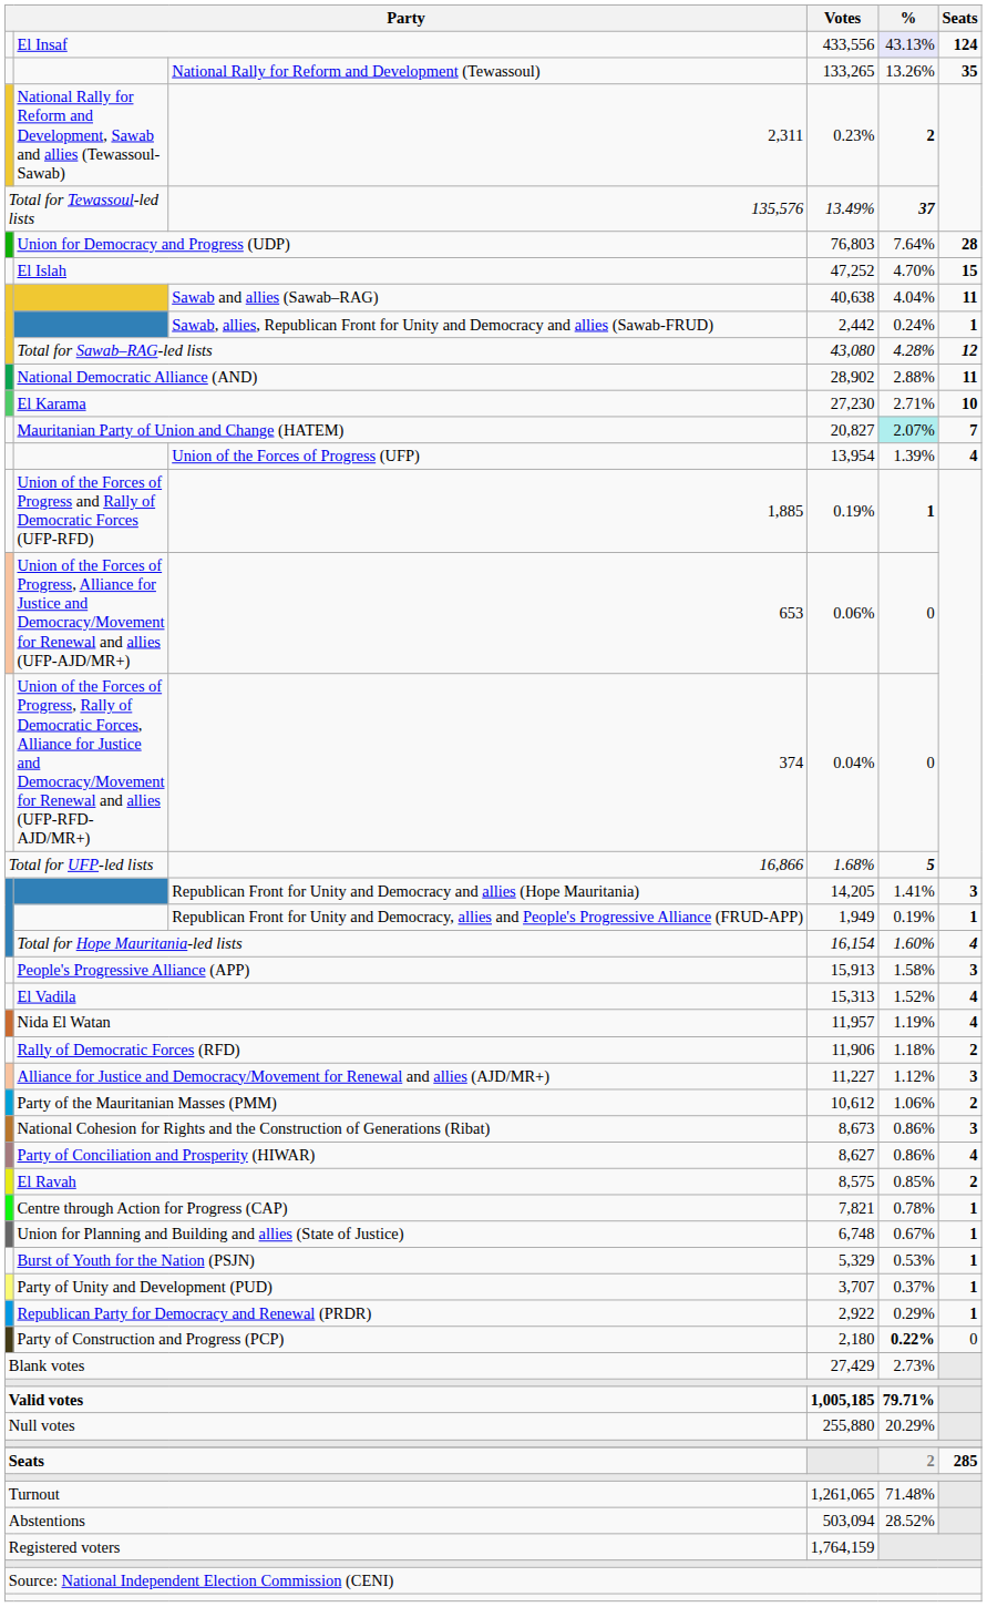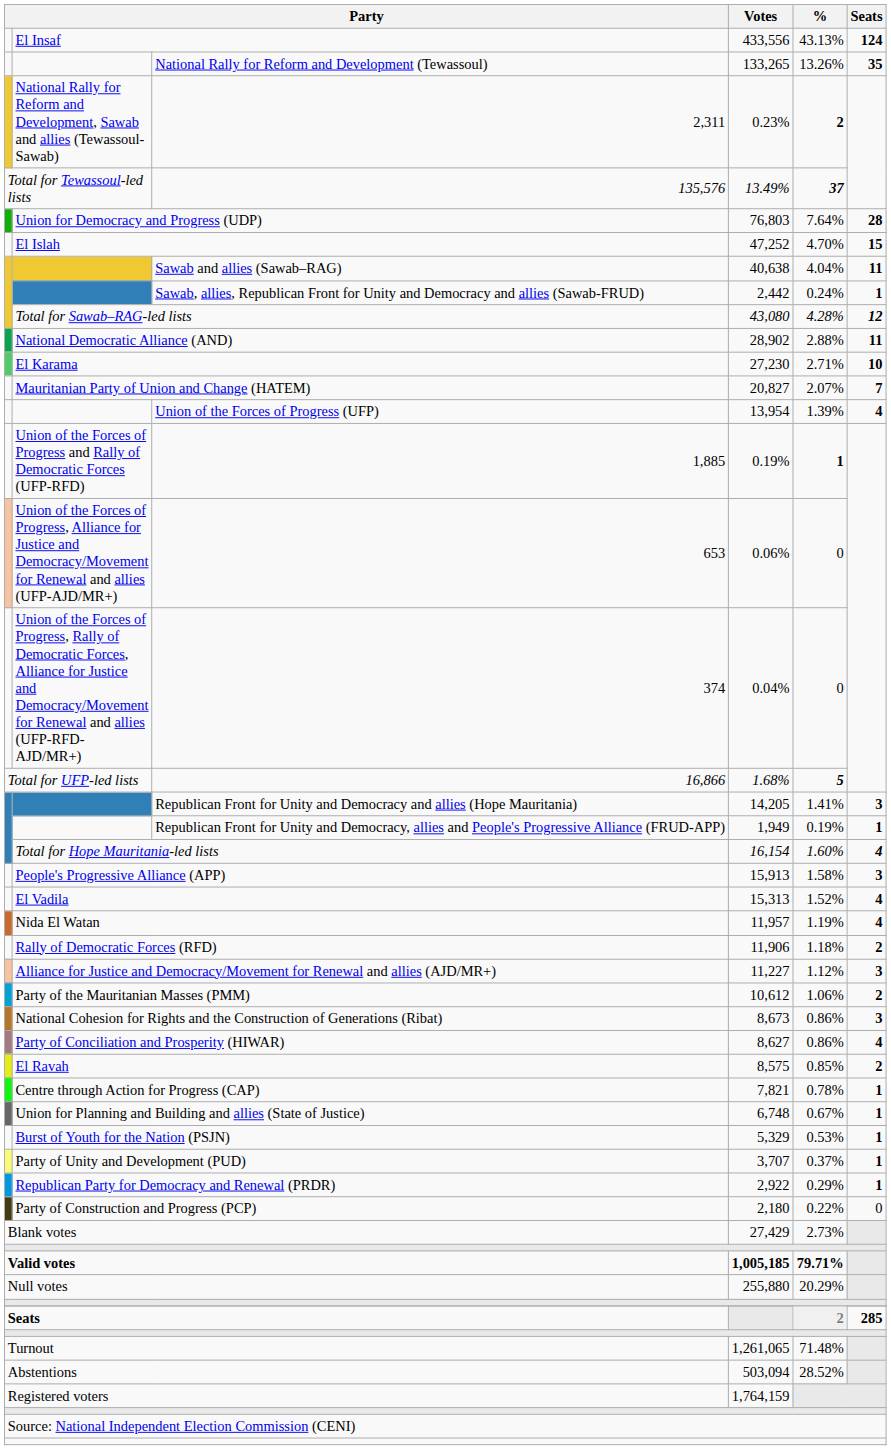 <table class="wikitable" style="text-align:right;font-size:95%;">
 <tr>
 <th width="700" colspan="3">Party</th>
 <th width="50">Votes</th>
 <th width="50">%</th>
 <th width="25">Seats</th>
 </tr>
 <tr>
 <td width="1" style="color:inherit;background:"></td>
 <td style="text-align:left;" colspan="2"><a href='#'>El Insaf</a></td>
 <td>433,556</td>
-<td style="background: lavender;">43.13%</td>
+<td>43.13%</td>
 <td><strong>124</strong></td>
 </tr>
 <tr>
 <td width="1" style="color:inherit;background:"></td>
 <td width="1" style="color:inherit;background:"></td>
 <td style="text-align:left;"><a href='#'>National Rally for Reform and Development</a> (Tewassoul)</td>
 <td>133,265</td>
 <td>13.26%</td>
 <td><strong>35</strong></td>
 </tr>
 <tr>
 <td width="1" style="color:inherit;background:#F0C832;"></td>
 <td style="text-align:left;"><a href='#'>National Rally for Reform and Development</a>, <a href='#'>Sawab</a> and <a href='#'>allies</a> (Tewassoul-Sawab)</td>
 <td>2,311</td>
 <td>0.23%</td>
 <td><strong>2</strong></td>
 </tr>
 <tr>
 <td style="text-align:left;" colspan="2"><em>Total for <a href='#'>Tewassoul</a>-led lists</em></td>
 <td><em>135,576</em></td>
 <td><em>13.49%</em></td>
 <td><strong><em>37</em></strong></td>
 </tr>
 <tr>
 <td width="1" style="color:inherit;background:#0FAF05;"></td>
 <td style="text-align:left;" colspan="2"><a href='#'>Union for Democracy and Progress</a> (UDP)</td>
 <td>76,803</td>
 <td>7.64%</td>
 <td><strong>28</strong></td>
 </tr>
 <tr>
 <td width="1" style="color:inherit;background:"></td>
 <td style="text-align:left;" colspan="2"><a href='#'>El Islah</a></td>
 <td>47,252</td>
 <td>4.70%</td>
 <td><strong>15</strong></td>
 </tr>
 <tr>
 <td width="1" style="color:inherit;background:#F0C832;" rowspan="3"></td>
 <td width="1" style="color:inherit;background:#F0C832;"></td>
 <td style="text-align:left;"><a href='#'>Sawab</a> and <a href='#'>allies</a> (Sawab–RAG)</td>
 <td>40,638</td>
 <td>4.04%</td>
 <td><strong>11</strong></td>
 </tr>
 <tr>
 <td width="1" style="color:inherit;background:#3080B7;"></td>
 <td style="text-align:left;"><a href='#'>Sawab</a>, <a href='#'>allies</a>, Republican Front for Unity and Democracy and <a href='#'>allies</a> (Sawab-FRUD)</td>
 <td>2,442</td>
 <td>0.24%</td>
 <td><strong>1</strong></td>
 </tr>
 <tr>
 <td style="text-align:left;" colspan="2"><em>Total for <a href='#'>Sawab–RAG</a>-led lists</em></td>
 <td><em>43,080</em></td>
 <td><em>4.28%</em></td>
 <td><strong><em>12</em></strong></td>
 </tr>
 <tr>
 <td width="1" style="color:inherit;background:#0AA450;"></td>
 <td style="text-align:left;" colspan="2"><a href='#'>National Democratic Alliance</a> (AND)</td>
 <td>28,902</td>
 <td>2.88%</td>
 <td><strong>11</strong></td>
 </tr>
 <tr>
 <td width="1" style="color:inherit;background:#4FCB68;"></td>
 <td style="text-align:left;" colspan="2"><a href='#'>El Karama</a></td>
 <td>27,230</td>
 <td>2.71%</td>
 <td><strong>10</strong></td>
 </tr>
 <tr>
 <td width="1" style="color:inherit;background:"></td>
 <td style="text-align:left;" colspan="2"><a href='#'>Mauritanian Party of Union and Change</a> (HATEM)</td>
 <td>20,827</td>
-<td style="background: paleturquoise;">2.07%</td>
+<td>2.07%</td>
 <td><strong>7</strong></td>
 </tr>
 <tr>
 <td width="1" style="color:inherit;background:"></td>
 <td width="1" style="color:inherit;background:"></td>
 <td style="text-align:left;"><a href='#'>Union of the Forces of Progress</a> (UFP)</td>
 <td>13,954</td>
 <td>1.39%</td>
 <td><strong>4</strong></td>
 </tr>
 <tr>
 <td width="1" style="color:inherit;background:"></td>
 <td style="text-align:left;"><a href='#'>Union of the Forces of Progress</a> and <a href='#'>Rally of Democratic Forces</a> (UFP-RFD)</td>
 <td>1,885</td>
 <td>0.19%</td>
 <td><strong>1</strong></td>
 </tr>
 <tr>
 <td width="1" style="color:inherit;background:#F8C3A0;"></td>
 <td style="text-align:left;"><a href='#'>Union of the Forces of Progress</a>, <a href='#'>Alliance for Justice and Democracy/Movement for Renewal</a> and <a href='#'>allies</a> (UFP-AJD/MR+)</td>
 <td>653</td>
 <td>0.06%</td>
 <td>0</td>
 </tr>
 <tr>
 <td width="1" style="color:inherit;background:"></td>
 <td style="text-align:left;"><a href='#'>Union of the Forces of Progress</a>, <a href='#'>Rally of Democratic Forces</a>, <a href='#'>Alliance for Justice and Democracy/Movement for Renewal</a> and <a href='#'>allies</a> (UFP-RFD-AJD/MR+)</td>
 <td>374</td>
 <td>0.04%</td>
 <td>0</td>
 </tr>
 <tr>
 <td style="text-align:left;" colspan="2"><em>Total for <a href='#'>UFP</a>-led lists</em></td>
 <td><em>16,866</em></td>
 <td><em>1.68%</em></td>
 <td><strong><em>5</em></strong></td>
 </tr>
 <tr>
 <td width="1" style="color:inherit;background:#3080B7;" rowspan="3"></td>
 <td width="1" style="color:inherit;background:#3080B7;"></td>
 <td style="text-align:left;">Republican Front for Unity and Democracy and <a href='#'>allies</a> (Hope Mauritania)</td>
 <td>14,205</td>
 <td>1.41%</td>
 <td><strong>3</strong></td>
 </tr>
 <tr>
 <td width="1" style="color:inherit;background:"></td>
 <td style="text-align:left;">Republican Front for Unity and Democracy, <a href='#'>allies</a> and  <a href='#'>People's Progressive Alliance</a> (FRUD-APP)</td>
 <td>1,949</td>
 <td>0.19%</td>
 <td><strong>1</strong></td>
 </tr>
 <tr>
 <td style="text-align:left;" colspan="2"><em>Total for <a href='#'>Hope Mauritania</a>-led lists</em></td>
 <td><em>16,154</em></td>
 <td><em>1.60%</em></td>
 <td><strong><em>4</em></strong></td>
 </tr>
 <tr>
 <td width="1" style="color:inherit;background:"></td>
 <td style="text-align:left;" colspan="2"><a href='#'>People's Progressive Alliance</a> (APP)</td>
 <td>15,913</td>
 <td>1.58%</td>
 <td><strong>3</strong></td>
 </tr>
 <tr>
 <td width="1" style="color:inherit;background:"></td>
 <td style="text-align:left;" colspan="2"><a href='#'>El Vadila</a></td>
 <td>15,313</td>
 <td>1.52%</td>
 <td><strong>4</strong></td>
 </tr>
 <tr>
 <td width="1" style="color:inherit;background:#C96A2F;"></td>
 <td style="text-align:left;" colspan="2">Nida El Watan</td>
 <td>11,957</td>
 <td>1.19%</td>
 <td><strong>4</strong></td>
 </tr>
 <tr>
 <td width="1" style="color:inherit;background:"></td>
 <td style="text-align:left;" colspan="2"><a href='#'>Rally of Democratic Forces</a> (RFD)</td>
 <td>11,906</td>
 <td>1.18%</td>
 <td><strong>2</strong></td>
 </tr>
 <tr>
 <td width="1" style="color:inherit;background:#F8C3A0;"></td>
 <td style="text-align:left;" colspan="2"><a href='#'>Alliance for Justice and Democracy/Movement for Renewal</a> and <a href='#'>allies</a> (AJD/MR+)</td>
 <td>11,227</td>
 <td>1.12%</td>
 <td><strong>3</strong></td>
 </tr>
 <tr>
 <td width="1" style="color:inherit;background:#00A1D7;"></td>
 <td style="text-align:left;" colspan="2">Party of the Mauritanian Masses (PMM)</td>
 <td>10,612</td>
 <td>1.06%</td>
 <td><strong>2</strong></td>
 </tr>
 <tr>
 <td width="1" style="color:inherit;background:#B7752C;"></td>
 <td style="text-align:left;" colspan="2">National Cohesion for Rights and the Construction of Generations (Ribat)</td>
 <td>8,673</td>
 <td>0.86%</td>
 <td><strong>3</strong></td>
 </tr>
 <tr>
 <td width="1" style="color:inherit;background:#A47A7E;"></td>
 <td style="text-align:left;" colspan="2"><a href='#'>Party of Conciliation and Prosperity</a> (HIWAR)</td>
 <td>8,627</td>
 <td>0.86%</td>
 <td><strong>4</strong></td>
 </tr>
 <tr>
 <td width="1" style="color:inherit;background:#E7EB16;"></td>
 <td style="text-align:left;" colspan="2"><a href='#'>El Ravah</a></td>
 <td>8,575</td>
 <td>0.85%</td>
 <td><strong>2</strong></td>
 </tr>
 <tr>
 <td width="1" style="color:inherit;background:#0EF70E;"></td>
 <td style="text-align:left;" colspan="2">Centre through Action for Progress (CAP)</td>
 <td>7,821</td>
 <td>0.78%</td>
 <td><strong>1</strong></td>
 </tr>
 <tr>
 <td width="1" style="color:inherit;background:#666666;"></td>
 <td style="text-align:left;" colspan="2">Union for Planning and Building and <a href='#'>allies</a> (State of Justice)</td>
 <td>6,748</td>
 <td>0.67%</td>
 <td><strong>1</strong></td>
 </tr>
 <tr>
 <td width="1" style="color:inherit;background:"></td>
 <td style="text-align:left;" colspan="2"><a href='#'>Burst of Youth for the Nation</a> (PSJN)</td>
 <td>5,329</td>
 <td>0.53%</td>
 <td><strong>1</strong></td>
 </tr>
 <tr>
 <td width="1" style="color:inherit;background:#FAFA75;"></td>
 <td style="text-align:left;" colspan="2">Party of Unity and Development (PUD)</td>
 <td>3,707</td>
 <td>0.37%</td>
 <td><strong>1</strong></td>
 </tr>
 <tr>
 <td width="1" style="color:inherit;background:#0198E2;"></td>
 <td style="text-align:left;" colspan="2"><a href='#'>Republican Party for Democracy and Renewal</a> (PRDR)</td>
 <td>2,922</td>
 <td>0.29%</td>
 <td><strong>1</strong></td>
 </tr>
 <tr>
 <td width="1" style="color:inherit;background:#433A16;"></td>
 <td style="text-align:left;" colspan="2">Party of Construction and Progress (PCP)</td>
 <td>2,180</td>
-<td><strong>0.22%</strong></td>
+<td>0.22%</td>
 <td>0</td>
 </tr>
 <tr>
 <td colspan="3" style="text-align:left;">Blank votes</td>
 <td>27,429</td>
 <td>2.73%</td>
 <td colspan="2" style="background:#E9E9E9;"></td>
 </tr>
 <tr>
 <td colspan="6" style="background:#E9E9E9;"></td>
 </tr>
 <tr style="font-weight:bold;">
 <td colspan="3" style="text-align:left;">Valid votes</td>
 <td>1,005,185</td>
 <td>79.71%</td>
 <td style="background:#E9E9E9;"></td>
 </tr>
 <tr>
 <td colspan="3" style="text-align:left;">Null votes</td>
 <td>255,880</td>
 <td>20.29%</td>
 <td style="background:#E9E9E9;"></td>
 </tr>
 <tr>
 <td colspan="6" style="background:#E9E9E9;"></td>
 </tr>
 <tr>
 </tr>
 <tr style="font-weight:bold;">
 <td colspan="3" style="text-align:left;">Seats</td>
 <td style="background:#E9E9E9;"></td>
 <td style="background:#E9E9E9;opacity:0.5"> 2</td>
 <td>285</td>
 </tr>
 <tr>
 <td colspan="6" style="background:#E9E9E9;"></td>
 </tr>
 <tr>
 <td colspan="3" style="text-align:left;">Turnout</td>
 <td>1,261,065</td>
 <td>71.48%</td>
 <td colspan="2" style="background:#E9E9E9;"></td>
 </tr>
 <tr>
 <td colspan="3" style="text-align:left;">Abstentions</td>
 <td>503,094</td>
 <td>28.52%</td>
 <td colspan="2" style="background:#E9E9E9;"></td>
 </tr>
 <tr>
 <td colspan="3" style="text-align:left;">Registered voters</td>
 <td>1,764,159</td>
 <td colspan="3" style="background:#E9E9E9;"></td>
 </tr>
 <tr>
 <td colspan="6" style="background:#E9E9E9;"></td>
 </tr>
 <tr>
 <td colspan="6" style="text-align:left;">Source: <a href='#'>National Independent Election Commission</a> (CENI)</td>
 </tr>
 <tr>
 <td colspan="6" style="text-align:left; max-width:790px;"></td>
 </tr>
 </table>
